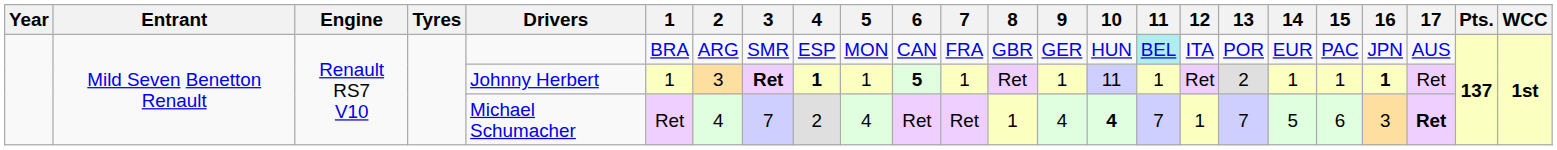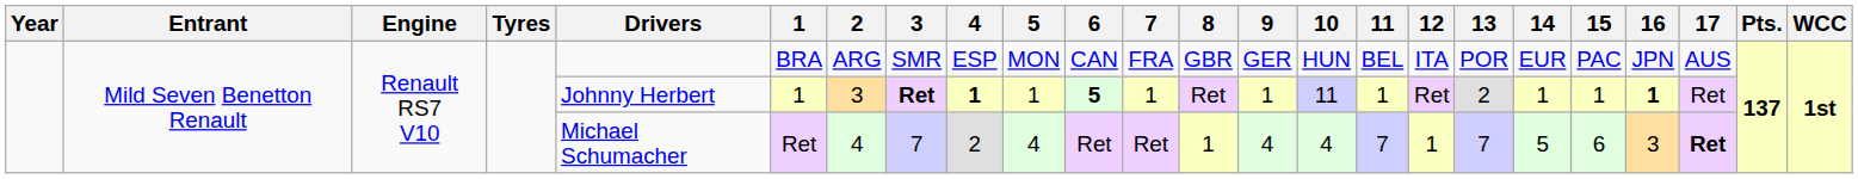 <table class="wikitable" style="text-align:center; font-size:95%">
 <tr>
 <th>Year</th>
 <th>Entrant</th>
 <th>Engine</th>
 <th>Tyres</th>
 <th>Drivers</th>
 <th>1</th>
 <th>2</th>
 <th>3</th>
 <th>4</th>
 <th>5</th>
 <th>6</th>
 <th>7</th>
 <th>8</th>
 <th>9</th>
 <th>10</th>
 <th>11</th>
 <th>12</th>
 <th>13</th>
 <th>14</th>
 <th>15</th>
 <th>16</th>
 <th>17</th>
 <th>Pts.</th>
 <th>WCC</th>
 </tr>
 <tr>
 <td rowspan="3"></td>
 <td rowspan="3"><a href='#'>Mild Seven</a> <a href='#'>Benetton</a> <a href='#'>Renault</a></td>
 <td rowspan="3"><a href='#'>Renault</a> RS7<br><a href='#'>V10</a></td>
 <td rowspan="3"></td>
 <td></td>
 <td><a href='#'>BRA</a></td>
 <td><a href='#'>ARG</a></td>
 <td><a href='#'>SMR</a></td>
 <td><a href='#'>ESP</a></td>
 <td><a href='#'>MON</a></td>
 <td><a href='#'>CAN</a></td>
 <td><a href='#'>FRA</a></td>
 <td><a href='#'>GBR</a></td>
 <td><a href='#'>GER</a></td>
 <td><a href='#'>HUN</a></td>
-<td style="background: paleturquoise;"><a href='#'>BEL</a></td>
+<td><a href='#'>BEL</a></td>
 <td><a href='#'>ITA</a></td>
 <td><a href='#'>POR</a></td>
 <td><a href='#'>EUR</a></td>
 <td><a href='#'>PAC</a></td>
 <td><a href='#'>JPN</a></td>
 <td><a href='#'>AUS</a></td>
 <td rowspan="3" style="background:#FBFFBF;"><strong>137</strong></td>
 <td rowspan="3" style="background:#FBFFBF;"><strong>1st</strong></td>
 </tr>
 <tr>
 <td align="left"><a href='#'>Johnny Herbert</a></td>
 <td style="background:#FBFFBF;">1</td>
 <td style="background:#FFDF9F;">3</td>
 <td style="background:#EFCFFF;"><strong>Ret</strong></td>
 <td style="background:#FBFFBF;"><strong>1</strong></td>
 <td style="background:#FBFFBF;">1</td>
 <td style="background:#DFFFDF;"><strong>5</strong></td>
 <td style="background:#FBFFBF;">1</td>
 <td style="background:#EFCFFF;">Ret</td>
 <td style="background:#FBFFBF;">1</td>
 <td style="background:#CFCFFF;">11</td>
 <td style="background:#FBFFBF;">1</td>
 <td style="background:#EFCFFF;">Ret</td>
 <td style="background:#DFDFDF;">2</td>
 <td style="background:#FBFFBF;">1</td>
 <td style="background:#FBFFBF;">1</td>
 <td style="background:#FBFFBF;"><strong>1</strong></td>
 <td style="background:#EFCFFF;">Ret</td>
 </tr>
 <tr>
 <td align="left"><a href='#'>Michael Schumacher</a></td>
 <td style="background:#EFCFFF;">Ret</td>
 <td style="background:#DFFFDF;">4</td>
 <td style="background:#CFCFFF;">7</td>
 <td style="background:#DFDFDF;">2</td>
 <td style="background:#DFFFDF;">4</td>
 <td style="background:#EFCFFF;">Ret</td>
 <td style="background:#EFCFFF;">Ret</td>
 <td style="background:#FBFFBF;">1</td>
 <td style="background:#DFFFDF;">4</td>
-<td style="background:#DFFFDF;"><strong>4</strong></td>
+<td style="background:#DFFFDF;">4</td>
 <td style="background:#CFCFFF;">7</td>
 <td style="background:#FBFFBF;">1</td>
 <td style="background:#CFCFFF;">7</td>
 <td style="background:#DFFFDF;">5</td>
 <td style="background:#DFFFDF;">6</td>
 <td style="background:#FFDF9F;">3</td>
 <td style="background:#EFCFFF;"><strong>Ret</strong></td>
 </tr>
 </table>
